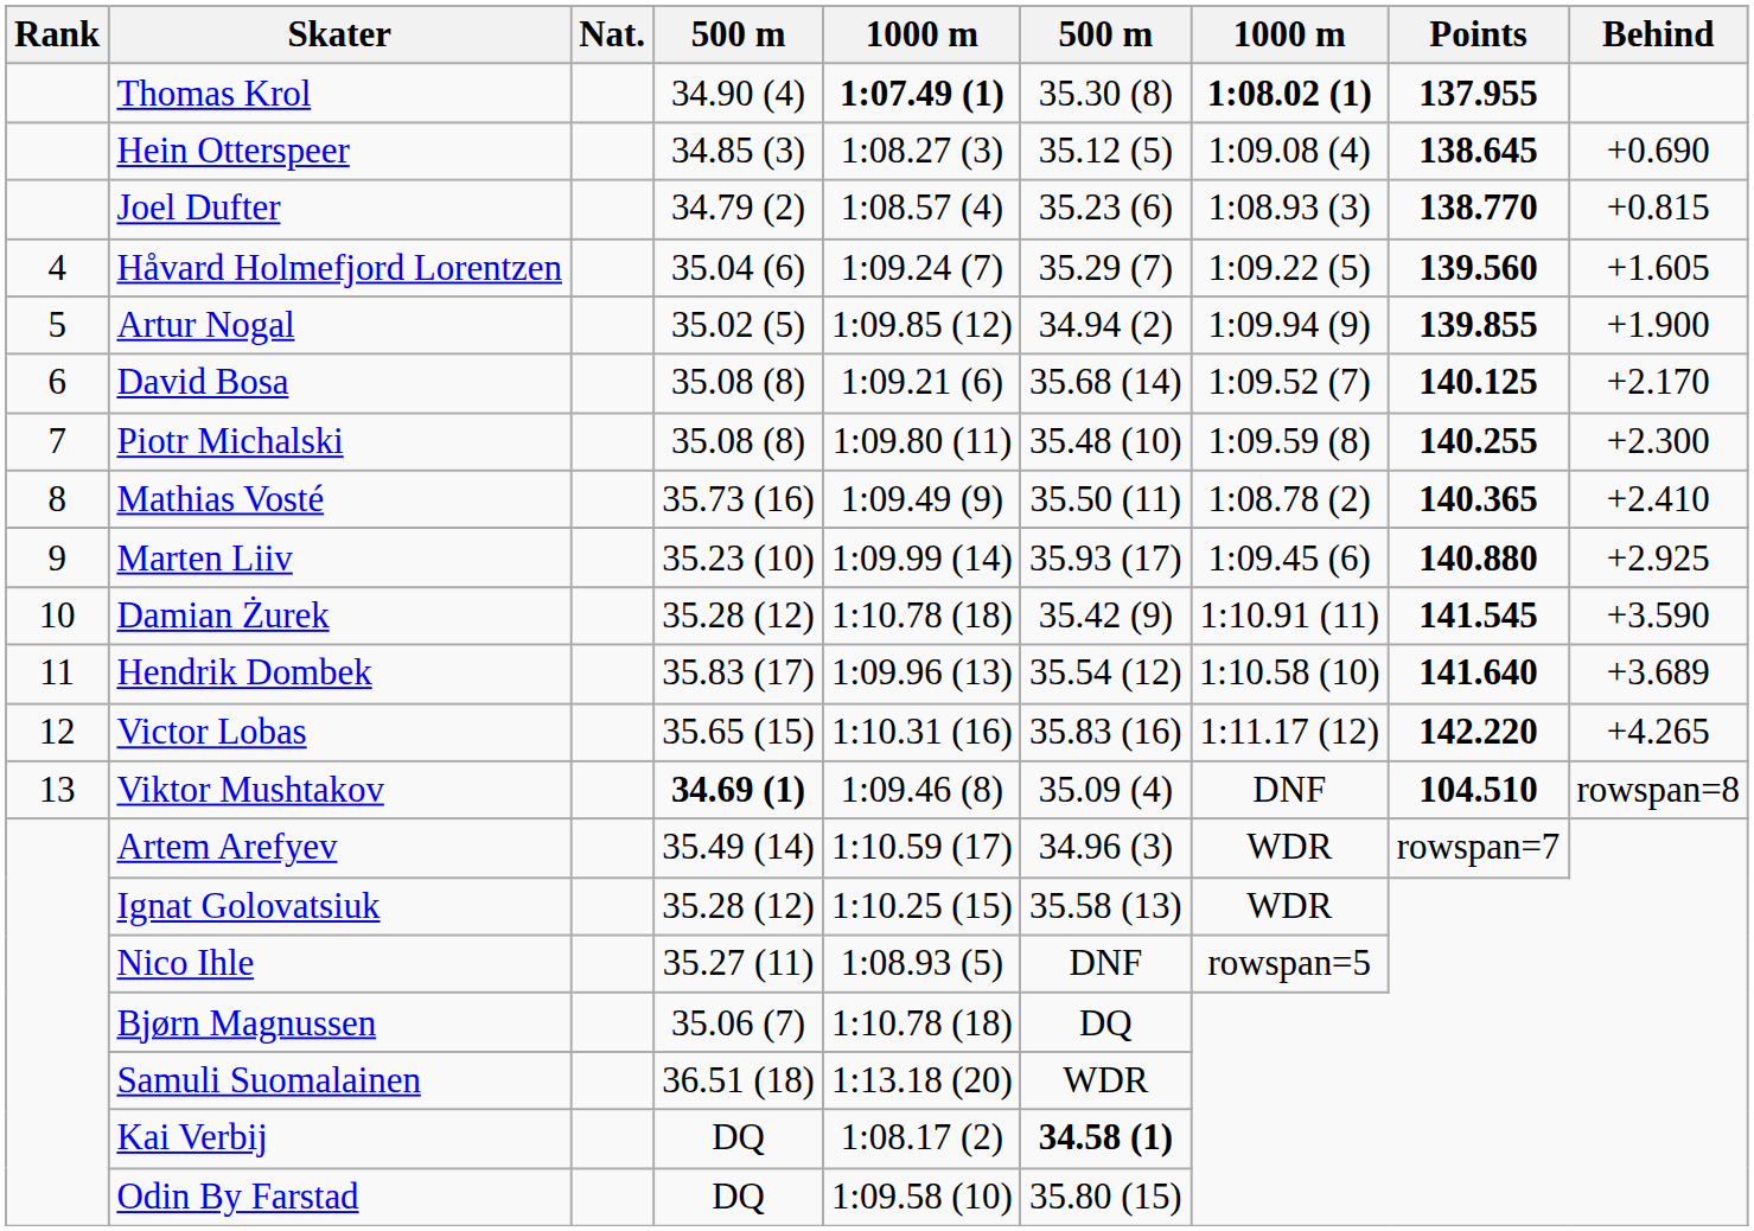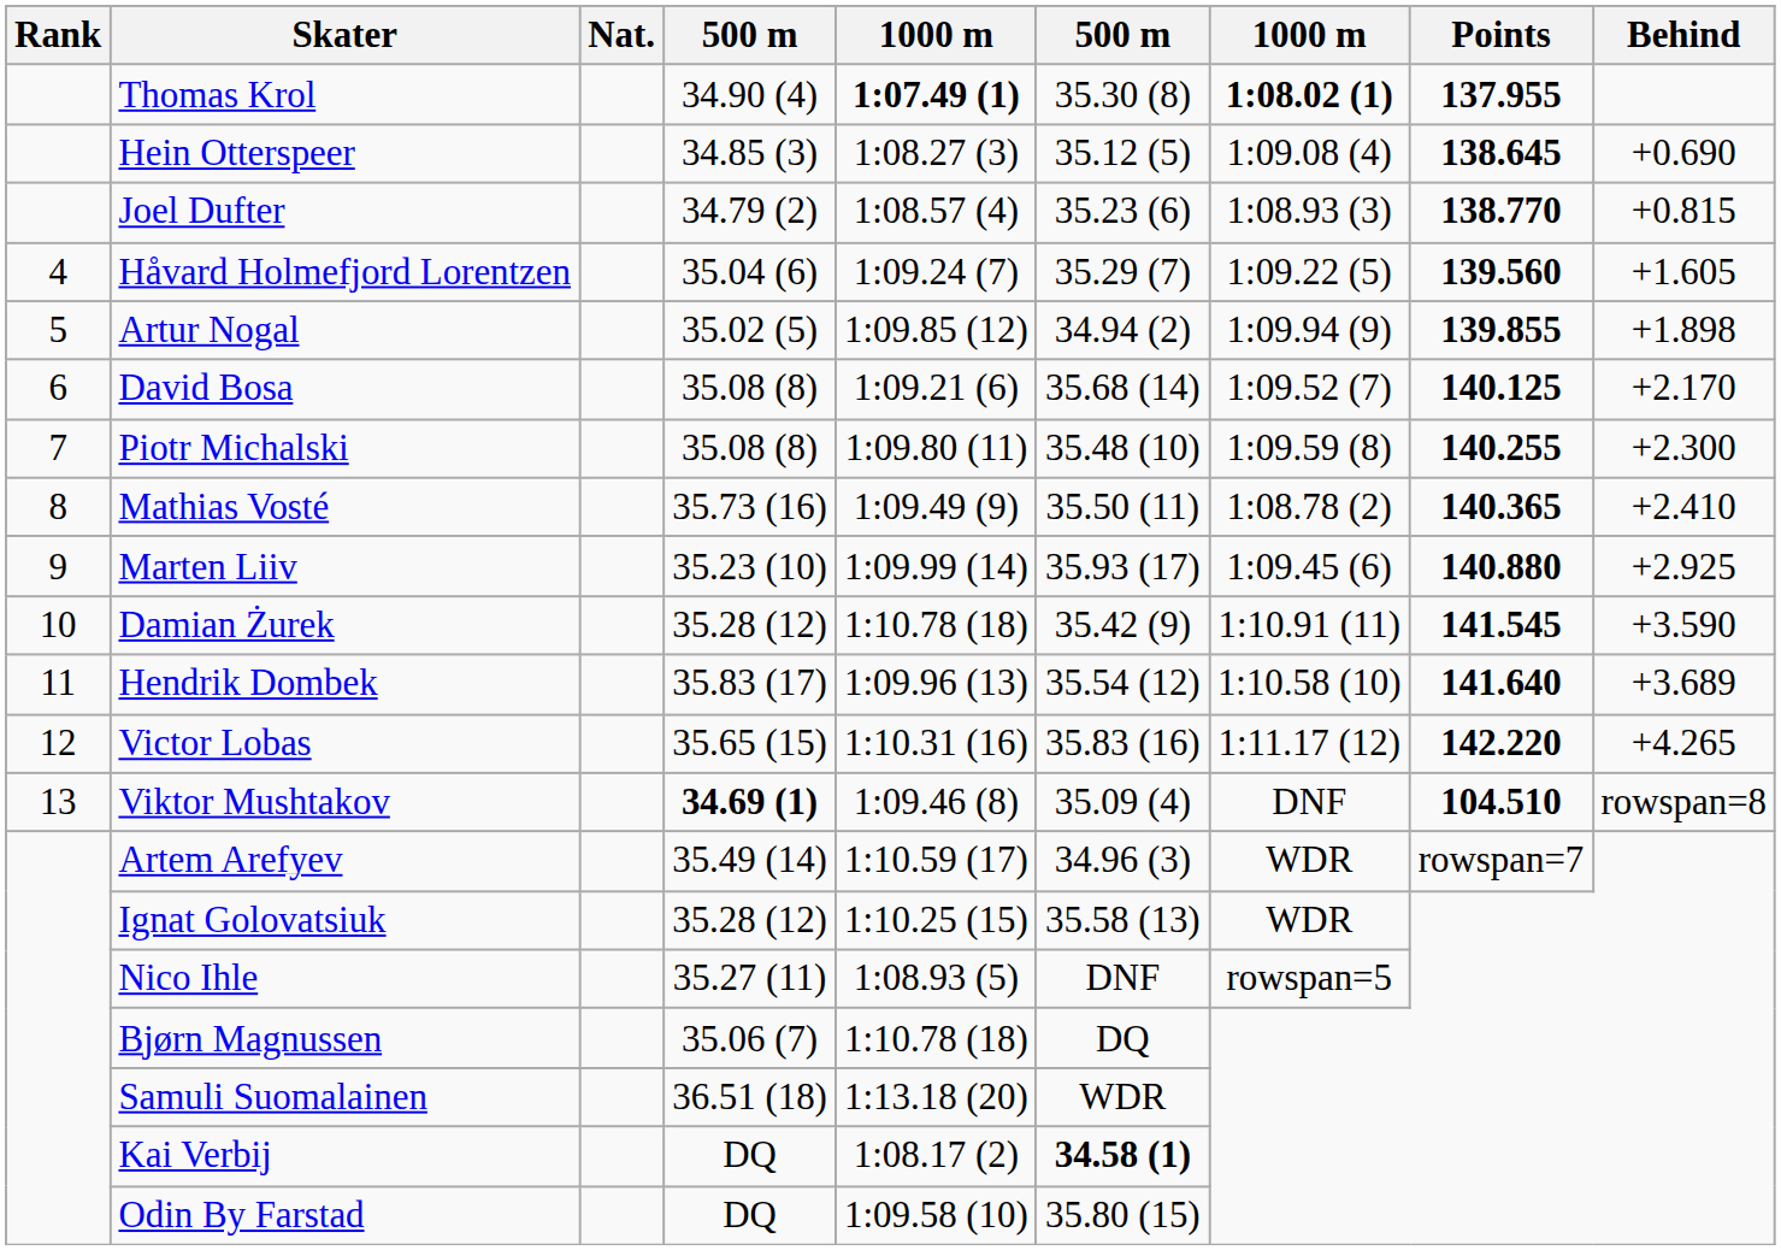 <table class="wikitable sortable" style="text-align:center">
 <tr align=center>
 <th>Rank</th>
 <th>Skater</th>
 <th>Nat.</th>
 <th>500 m</th>
 <th>1000 m</th>
 <th>500 m</th>
 <th>1000 m</th>
 <th>Points</th>
 <th>Behind</th>
 </tr>
 <tr>
 <td></td>
 <td align=left><a href='#'>Thomas Krol</a></td>
 <td></td>
 <td>34.90 (4)</td>
 <td><strong>1:07.49 (1)</strong></td>
 <td>35.30 (8)</td>
 <td><strong>1:08.02 (1)</strong></td>
 <td><strong>137.955</strong></td>
 <td></td>
 </tr>
 <tr>
 <td></td>
 <td align=left><a href='#'>Hein Otterspeer</a></td>
 <td></td>
 <td>34.85 (3)</td>
 <td>1:08.27 (3)</td>
 <td>35.12 (5)</td>
 <td>1:09.08 (4)</td>
 <td><strong>138.645</strong></td>
 <td>+0.690</td>
 </tr>
 <tr>
 <td></td>
 <td align=left><a href='#'>Joel Dufter</a></td>
 <td></td>
 <td>34.79 (2)</td>
 <td>1:08.57 (4)</td>
 <td>35.23 (6)</td>
 <td>1:08.93 (3)</td>
 <td><strong>138.770</strong></td>
 <td>+0.815</td>
 </tr>
 <tr>
 <td>4</td>
 <td align=left><a href='#'>Håvard Holmefjord Lorentzen</a></td>
 <td></td>
 <td>35.04 (6)</td>
 <td>1:09.24 (7)</td>
 <td>35.29 (7)</td>
 <td>1:09.22 (5)</td>
 <td><strong>139.560</strong></td>
 <td>+1.605</td>
 </tr>
 <tr>
 <td>5</td>
 <td align=left><a href='#'>Artur Nogal</a></td>
 <td></td>
 <td>35.02 (5)</td>
 <td>1:09.85 (12)</td>
 <td>34.94 (2)</td>
 <td>1:09.94 (9)</td>
 <td><strong>139.855</strong></td>
-<td>+1.900</td>
+<td>+1.898</td>
 </tr>
 <tr>
 <td>6</td>
 <td align=left><a href='#'>David Bosa</a></td>
 <td></td>
 <td>35.08 (8)</td>
 <td>1:09.21 (6)</td>
 <td>35.68 (14)</td>
 <td>1:09.52 (7)</td>
 <td><strong>140.125</strong></td>
 <td>+2.170</td>
 </tr>
 <tr>
 <td>7</td>
 <td align=left><a href='#'>Piotr Michalski</a></td>
 <td></td>
 <td>35.08 (8)</td>
 <td>1:09.80 (11)</td>
 <td>35.48 (10)</td>
 <td>1:09.59 (8)</td>
 <td><strong>140.255</strong></td>
 <td>+2.300</td>
 </tr>
 <tr>
 <td>8</td>
 <td align=left><a href='#'>Mathias Vosté</a></td>
 <td></td>
 <td>35.73 (16)</td>
 <td>1:09.49 (9)</td>
 <td>35.50 (11)</td>
 <td>1:08.78 (2)</td>
 <td><strong>140.365</strong></td>
 <td>+2.410</td>
 </tr>
 <tr>
 <td>9</td>
 <td align=left><a href='#'>Marten Liiv</a></td>
 <td></td>
 <td>35.23 (10)</td>
 <td>1:09.99 (14)</td>
 <td>35.93 (17)</td>
 <td>1:09.45 (6)</td>
 <td><strong>140.880</strong></td>
 <td>+2.925</td>
 </tr>
 <tr>
 <td>10</td>
 <td align=left><a href='#'>Damian Żurek</a></td>
 <td></td>
 <td>35.28 (12)</td>
 <td>1:10.78 (18)</td>
 <td>35.42 (9)</td>
 <td>1:10.91 (11)</td>
 <td><strong>141.545</strong></td>
 <td>+3.590</td>
 </tr>
 <tr>
 <td>11</td>
 <td align=left><a href='#'>Hendrik Dombek</a></td>
 <td></td>
 <td>35.83 (17)</td>
 <td>1:09.96 (13)</td>
 <td>35.54 (12)</td>
 <td>1:10.58 (10)</td>
 <td><strong>141.640</strong></td>
 <td>+3.689</td>
 </tr>
 <tr>
 <td>12</td>
 <td align=left><a href='#'>Victor Lobas</a></td>
 <td></td>
 <td>35.65 (15)</td>
 <td>1:10.31 (16)</td>
 <td>35.83 (16)</td>
 <td>1:11.17 (12)</td>
 <td><strong>142.220</strong></td>
 <td>+4.265</td>
 </tr>
 <tr>
 <td>13</td>
 <td align=left><a href='#'>Viktor Mushtakov</a></td>
 <td></td>
 <td><strong>34.69 (1)</strong></td>
 <td>1:09.46 (8)</td>
 <td>35.09 (4)</td>
 <td>DNF</td>
 <td><strong>104.510</strong></td>
 <td>rowspan=8 </td>
 </tr>
 <tr>
 <td rowspan=7></td>
 <td align=left><a href='#'>Artem Arefyev</a></td>
 <td></td>
 <td>35.49 (14)</td>
 <td>1:10.59 (17)</td>
 <td>34.96 (3)</td>
 <td>WDR</td>
 <td>rowspan=7 </td>
 </tr>
 <tr>
 <td align=left><a href='#'>Ignat Golovatsiuk</a></td>
 <td></td>
 <td>35.28 (12)</td>
 <td>1:10.25 (15)</td>
 <td>35.58 (13)</td>
 <td>WDR</td>
 </tr>
 <tr>
 <td align=left><a href='#'>Nico Ihle</a></td>
 <td></td>
 <td>35.27 (11)</td>
 <td>1:08.93 (5)</td>
 <td>DNF</td>
 <td>rowspan=5 </td>
 </tr>
 <tr>
 <td align=left><a href='#'>Bjørn Magnussen</a></td>
 <td></td>
 <td>35.06 (7)</td>
 <td>1:10.78 (18)</td>
 <td>DQ</td>
 </tr>
 <tr>
 <td align=left><a href='#'>Samuli Suomalainen</a></td>
 <td></td>
 <td>36.51 (18)</td>
 <td>1:13.18 (20)</td>
 <td>WDR</td>
 </tr>
 <tr>
 <td align=left><a href='#'>Kai Verbij</a></td>
 <td></td>
 <td>DQ</td>
 <td>1:08.17 (2)</td>
 <td><strong>34.58 (1)</strong></td>
 </tr>
 <tr>
 <td align=left><a href='#'>Odin By Farstad</a></td>
 <td></td>
 <td>DQ</td>
 <td>1:09.58 (10)</td>
 <td>35.80 (15)</td>
 </tr>
 </table>
